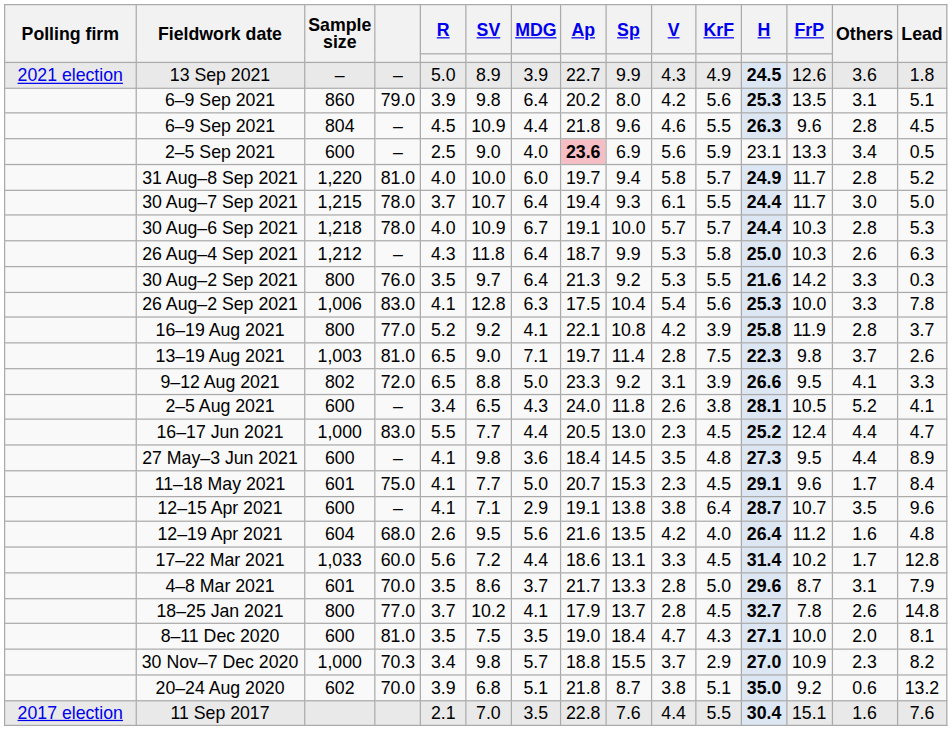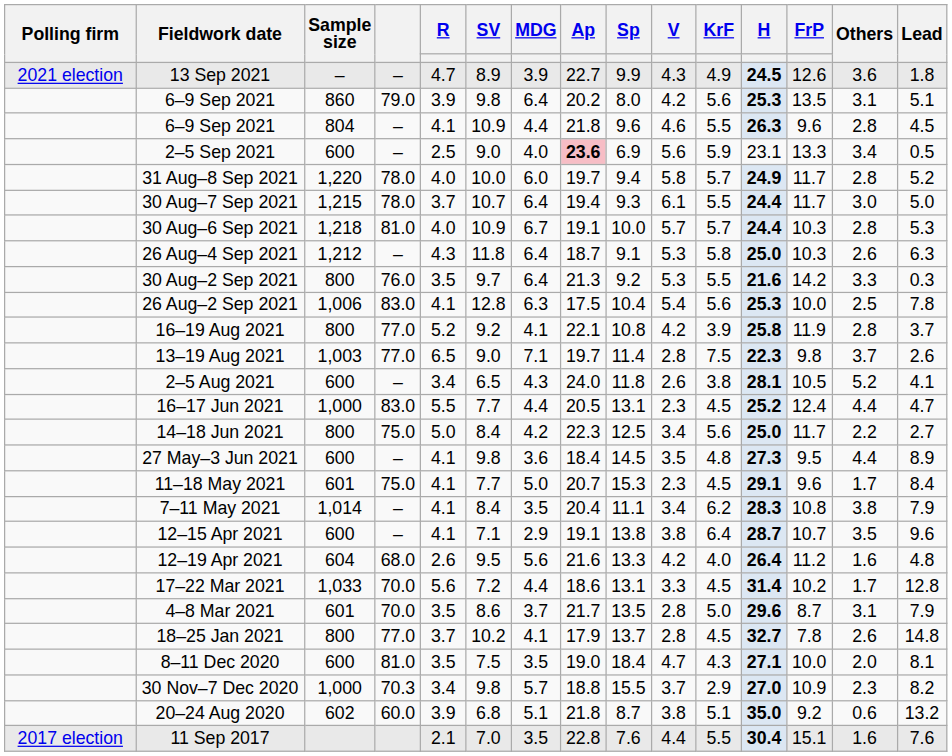 <table class="wikitable mw-collapsible sortable" style="text-align:center;font-size:90%;line-height:14px;">
 <tr style="height:40px;">
 <th rowspan="2" style="width:100px;">Polling firm</th>
 <th rowspan="2" style="width:130px;">Fieldwork date</th>
 <th rowspan="2" style="width:35px;">Sample<br>size</th>
 <th rowspan="2" style="width:30px;"></th>
 <th class="unsortable" style="width:30px;"><a href='#'>R</a></th>
 <th class="unsortable" style="width:30px;"><a href='#'>SV</a></th>
 <th class="unsortable" style="width:30px;"><a href='#'>MDG</a></th>
 <th class="unsortable" style="width:30px;"><a href='#'>Ap</a></th>
 <th class="unsortable" style="width:30px;"><a href='#'>Sp</a></th>
 <th class="unsortable" style="width:30px;"><a href='#'>V</a></th>
 <th class="unsortable" style="width:30px;"><a href='#'>KrF</a></th>
 <th class="unsortable" style="width:30px;"><a href='#'>H</a></th>
 <th class="unsortable" style="width:30px;"><a href='#'>FrP</a></th>
 <th class="unsortable" style="width:20px;" rowspan="2">Others</th>
 <th rowspan="2" style="width:30px;">Lead</th>
 </tr>
 <tr>
 <th style="background:"></th>
 <th style="background:"></th>
 <th style="background:"></th>
 <th style="background:"></th>
 <th style="background:"></th>
 <th style="background:"></th>
 <th style="background:"></th>
 <th style="background:"></th>
 <th style="background:"></th>
 </tr>
 <tr style="background:#E9E9E9;">
 <td><a href='#'>2021 election</a></td>
 <td>13 Sep 2021</td>
 <td>–</td>
 <td>–</td>
-<td>5.0</td>
+<td>4.7</td>
 <td>8.9</td>
 <td>3.9</td>
 <td>22.7</td>
 <td>9.9</td>
 <td>4.3</td>
 <td>4.9</td>
 <td style="background:#DCE7F3;"><strong>24.5</strong></td>
 <td>12.6</td>
 <td>3.6</td>
 <td style="background:">1.8</td>
 </tr>
 <tr>
 <td></td>
 <td>6–9 Sep 2021</td>
 <td>860</td>
 <td>79.0</td>
 <td>3.9</td>
 <td>9.8</td>
 <td>6.4</td>
 <td>20.2</td>
 <td>8.0</td>
 <td>4.2</td>
 <td>5.6</td>
 <td style="background:#DCE7F3;"><strong>25.3</strong></td>
 <td>13.5</td>
 <td>3.1</td>
 <td style="background:">5.1</td>
 </tr>
 <tr>
 <td></td>
 <td>6–9 Sep 2021</td>
 <td>804</td>
 <td>–</td>
-<td>4.5</td>
+<td>4.1</td>
 <td>10.9</td>
 <td>4.4</td>
 <td>21.8</td>
 <td>9.6</td>
 <td>4.6</td>
 <td>5.5</td>
 <td style="background:#DCE7F3;"><strong>26.3</strong></td>
 <td>9.6</td>
 <td>2.8</td>
 <td style="background:">4.5</td>
 </tr>
 <tr>
 <td></td>
 <td>2–5 Sep 2021</td>
 <td>600</td>
 <td>–</td>
 <td>2.5</td>
 <td>9.0</td>
 <td>4.0</td>
 <td style="background:#F7BDC5;"><strong>23.6</strong></td>
 <td>6.9</td>
 <td>5.6</td>
 <td>5.9</td>
 <td>23.1</td>
 <td>13.3</td>
 <td>3.4</td>
 <td style="background:">0.5</td>
 </tr>
 <tr>
 <td></td>
 <td>31 Aug–8 Sep 2021</td>
 <td>1,220</td>
-<td>81.0</td>
+<td>78.0</td>
 <td>4.0</td>
 <td>10.0</td>
 <td>6.0</td>
 <td>19.7</td>
 <td>9.4</td>
 <td>5.8</td>
 <td>5.7</td>
 <td style="background:#DCE7F3;"><strong>24.9</strong></td>
 <td>11.7</td>
 <td>2.8</td>
 <td style="background:">5.2</td>
 </tr>
 <tr>
 <td></td>
 <td>30 Aug–7 Sep 2021</td>
 <td>1,215</td>
 <td>78.0</td>
 <td>3.7</td>
 <td>10.7</td>
 <td>6.4</td>
 <td>19.4</td>
 <td>9.3</td>
 <td>6.1</td>
 <td>5.5</td>
 <td style="background:#DCE7F3;"><strong>24.4</strong></td>
 <td>11.7</td>
 <td>3.0</td>
 <td style="background:">5.0</td>
 </tr>
 <tr>
 <td></td>
 <td>30 Aug–6 Sep 2021</td>
 <td>1,218</td>
-<td>78.0</td>
+<td>81.0</td>
 <td>4.0</td>
 <td>10.9</td>
 <td>6.7</td>
 <td>19.1</td>
 <td>10.0</td>
 <td>5.7</td>
 <td>5.7</td>
 <td style="background:#DCE7F3;"><strong>24.4</strong></td>
 <td>10.3</td>
 <td>2.8</td>
 <td style="background:">5.3</td>
 </tr>
 <tr>
 <td></td>
 <td>26 Aug–4 Sep 2021</td>
 <td>1,212</td>
 <td>–</td>
 <td>4.3</td>
 <td>11.8</td>
 <td>6.4</td>
 <td>18.7</td>
-<td>9.9</td>
+<td>9.1</td>
 <td>5.3</td>
 <td>5.8</td>
 <td style="background:#DCE7F3;"><strong>25.0</strong></td>
 <td>10.3</td>
 <td>2.6</td>
 <td style="background:">6.3</td>
 </tr>
 <tr>
 <td></td>
 <td>30 Aug–2 Sep 2021</td>
 <td>800</td>
 <td>76.0</td>
 <td>3.5</td>
 <td>9.7</td>
 <td>6.4</td>
 <td>21.3</td>
 <td>9.2</td>
 <td>5.3</td>
 <td>5.5</td>
 <td style="background:#DCE7F3;"><strong>21.6</strong></td>
 <td>14.2</td>
 <td>3.3</td>
 <td style="background:">0.3</td>
 </tr>
 <tr>
 <td></td>
 <td>26 Aug–2 Sep 2021</td>
 <td>1,006</td>
 <td>83.0</td>
 <td>4.1</td>
 <td>12.8</td>
 <td>6.3</td>
 <td>17.5</td>
 <td>10.4</td>
 <td>5.4</td>
 <td>5.6</td>
 <td style="background:#DCE7F3;"><strong>25.3</strong></td>
 <td>10.0</td>
-<td>3.3</td>
+<td>2.5</td>
 <td style="background:">7.8</td>
 </tr>
 <tr>
 <td></td>
 <td>16–19 Aug 2021</td>
 <td>800</td>
 <td>77.0</td>
 <td>5.2</td>
 <td>9.2</td>
 <td>4.1</td>
 <td>22.1</td>
 <td>10.8</td>
 <td>4.2</td>
 <td>3.9</td>
 <td style="background:#DCE7F3;"><strong>25.8</strong></td>
 <td>11.9</td>
 <td>2.8</td>
 <td style="background:">3.7</td>
 </tr>
 <tr>
 <td></td>
 <td>13–19 Aug 2021</td>
 <td>1,003</td>
-<td>81.0</td>
+<td>77.0</td>
 <td>6.5</td>
 <td>9.0</td>
 <td>7.1</td>
 <td>19.7</td>
 <td>11.4</td>
 <td>2.8</td>
 <td>7.5</td>
 <td style="background:#DCE7F3;"><strong>22.3</strong></td>
 <td>9.8</td>
 <td>3.7</td>
 <td style="background:">2.6</td>
-</tr>
-<tr>
-<td></td>
-<td>9–12 Aug 2021</td>
-<td>802</td>
-<td>72.0</td>
-<td>6.5</td>
-<td>8.8</td>
-<td>5.0</td>
-<td>23.3</td>
-<td>9.2</td>
-<td>3.1</td>
-<td>3.9</td>
-<td style="background:#DCE7F3;"><strong>26.6</strong></td>
-<td>9.5</td>
-<td>4.1</td>
-<td style="background:">3.3</td>
 </tr>
 <tr>
 <td></td>
 <td>2–5 Aug 2021</td>
 <td>600</td>
 <td>–</td>
 <td>3.4</td>
 <td>6.5</td>
 <td>4.3</td>
 <td>24.0</td>
 <td>11.8</td>
 <td>2.6</td>
 <td>3.8</td>
 <td style="background:#DCE7F3;"><strong>28.1</strong></td>
 <td>10.5</td>
 <td>5.2</td>
 <td style="background:">4.1</td>
 </tr>
 <tr>
 <td></td>
 <td>16–17 Jun 2021</td>
 <td>1,000</td>
 <td>83.0</td>
 <td>5.5</td>
 <td>7.7</td>
 <td>4.4</td>
 <td>20.5</td>
-<td>13.0</td>
+<td>13.1</td>
 <td>2.3</td>
 <td>4.5</td>
 <td style="background:#DCE7F3;"><strong>25.2</strong></td>
 <td>12.4</td>
 <td>4.4</td>
 <td style="background:">4.7</td>
+</tr>
+<tr>
+<td></td>
+<td>14–18 Jun 2021</td>
+<td>800</td>
+<td>75.0</td>
+<td>5.0</td>
+<td>8.4</td>
+<td>4.2</td>
+<td>22.3</td>
+<td>12.5</td>
+<td>3.4</td>
+<td>5.6</td>
+<td style="background:#DCE7F3;"><strong>25.0</strong></td>
+<td>11.7</td>
+<td>2.2</td>
+<td style="background:">2.7</td>
 </tr>
 <tr>
 <td></td>
 <td>27 May–3 Jun 2021</td>
 <td>600</td>
 <td>–</td>
 <td>4.1</td>
 <td>9.8</td>
 <td>3.6</td>
 <td>18.4</td>
 <td>14.5</td>
 <td>3.5</td>
 <td>4.8</td>
 <td style="background:#DCE7F3;"><strong>27.3</strong></td>
 <td>9.5</td>
 <td>4.4</td>
 <td style="background:">8.9</td>
 </tr>
 <tr>
 <td></td>
 <td>11–18 May 2021</td>
 <td>601</td>
 <td>75.0</td>
 <td>4.1</td>
 <td>7.7</td>
 <td>5.0</td>
 <td>20.7</td>
 <td>15.3</td>
 <td>2.3</td>
 <td>4.5</td>
 <td style="background:#DCE7F3;"><strong>29.1</strong></td>
 <td>9.6</td>
 <td>1.7</td>
 <td style="background:">8.4</td>
 </tr>
 <tr>
 <td></td>
+<td>7–11 May 2021</td>
+<td>1,014</td>
+<td>–</td>
+<td>4.1</td>
+<td>8.4</td>
+<td>3.5</td>
+<td>20.4</td>
+<td>11.1</td>
+<td>3.4</td>
+<td>6.2</td>
+<td style="background:#DCE7F3;"><strong>28.3</strong></td>
+<td>10.8</td>
+<td>3.8</td>
+<td style="background:">7.9</td>
+</tr>
+<tr>
+<td></td>
 <td>12–15 Apr 2021</td>
 <td>600</td>
 <td>–</td>
 <td>4.1</td>
 <td>7.1</td>
 <td>2.9</td>
 <td>19.1</td>
 <td>13.8</td>
 <td>3.8</td>
 <td>6.4</td>
 <td style="background:#DCE7F3;"><strong>28.7</strong></td>
 <td>10.7</td>
 <td>3.5</td>
 <td style="background:">9.6</td>
 </tr>
 <tr>
 <td></td>
 <td>12–19 Apr 2021</td>
 <td>604</td>
 <td>68.0</td>
 <td>2.6</td>
 <td>9.5</td>
 <td>5.6</td>
 <td>21.6</td>
-<td>13.5</td>
+<td>13.3</td>
 <td>4.2</td>
 <td>4.0</td>
 <td style="background:#DCE7F3;"><strong>26.4</strong></td>
 <td>11.2</td>
 <td>1.6</td>
 <td style="background:">4.8</td>
 </tr>
 <tr>
 <td></td>
 <td>17–22 Mar 2021</td>
 <td>1,033</td>
-<td>60.0</td>
+<td>70.0</td>
 <td>5.6</td>
 <td>7.2</td>
 <td>4.4</td>
 <td>18.6</td>
 <td>13.1</td>
 <td>3.3</td>
 <td>4.5</td>
 <td style="background:#DCE7F3;"><strong>31.4</strong></td>
 <td>10.2</td>
 <td>1.7</td>
 <td style="background:">12.8</td>
 </tr>
 <tr>
 <td></td>
 <td>4–8 Mar 2021</td>
 <td>601</td>
 <td>70.0</td>
 <td>3.5</td>
 <td>8.6</td>
 <td>3.7</td>
 <td>21.7</td>
-<td>13.3</td>
+<td>13.5</td>
 <td>2.8</td>
 <td>5.0</td>
 <td style="background:#DCE7F3;"><strong>29.6</strong></td>
 <td>8.7</td>
 <td>3.1</td>
 <td style="background:">7.9</td>
 </tr>
 <tr>
 <td></td>
 <td>18–25 Jan 2021</td>
 <td>800</td>
 <td>77.0</td>
 <td>3.7</td>
 <td>10.2</td>
 <td>4.1</td>
 <td>17.9</td>
 <td>13.7</td>
 <td>2.8</td>
 <td>4.5</td>
 <td style="background:#DCE7F3;"><strong>32.7</strong></td>
 <td>7.8</td>
 <td>2.6</td>
 <td style="background:">14.8</td>
 </tr>
 <tr>
 <td></td>
 <td>8–11 Dec 2020</td>
 <td>600</td>
 <td>81.0</td>
 <td>3.5</td>
 <td>7.5</td>
 <td>3.5</td>
 <td>19.0</td>
 <td>18.4</td>
 <td>4.7</td>
 <td>4.3</td>
 <td style="background:#DCE7F3;"><strong>27.1</strong></td>
 <td>10.0</td>
 <td>2.0</td>
 <td style="background:">8.1</td>
 </tr>
 <tr>
 <td></td>
 <td data-sort-value="2017-12-20">30 Nov–7 Dec 2020</td>
 <td>1,000</td>
 <td>70.3</td>
 <td>3.4</td>
 <td>9.8</td>
 <td>5.7</td>
 <td>18.8</td>
 <td>15.5</td>
 <td>3.7</td>
 <td>2.9</td>
 <td style="background:#DCE7F3;"><strong>27.0</strong></td>
 <td>10.9</td>
 <td>2.3</td>
 <td style="background:">8.2</td>
 </tr>
 <tr>
 <td></td>
 <td>20–24 Aug 2020</td>
 <td>602</td>
-<td>70.0</td>
+<td>60.0</td>
 <td>3.9</td>
 <td>6.8</td>
 <td>5.1</td>
 <td>21.8</td>
 <td>8.7</td>
 <td>3.8</td>
 <td>5.1</td>
 <td style="background:#DCE7F3;"><strong>35.0</strong></td>
 <td>9.2</td>
 <td>0.6</td>
 <td style="background:">13.2</td>
 </tr>
 <tr style="background:#E9E9E9;">
 <td><a href='#'>2017 election</a></td>
 <td>11 Sep 2017</td>
 <td></td>
 <td></td>
 <td>2.1</td>
 <td>7.0</td>
 <td>3.5</td>
 <td>22.8</td>
 <td>7.6</td>
 <td>4.4</td>
 <td>5.5</td>
 <td style="background:#DCE7F3;"><strong>30.4</strong></td>
 <td>15.1</td>
 <td>1.6</td>
 <td style="background:">7.6</td>
 </tr>
 </table>
